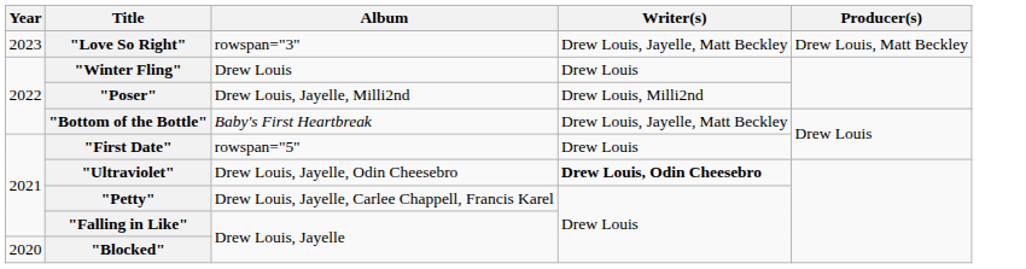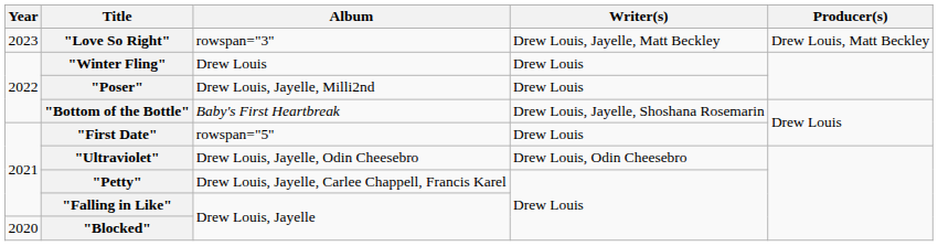 <table class="wikitable plainrowheaders" style="text-align:left;">
 <tr>
 <th rowspan="1" scope="col">Year</th>
 <th rowspan="1" scope="col">Title</th>
 <th scope="col" rowspan="1">Album</th>
 <th scope="col" rowspan="1">Writer(s)</th>
 <th scope="col" rowspan="1">Producer(s)</th>
 </tr>
 <tr>
 <td rowspan="1">2023</td>
 <th scope="row">"Love So Right"</th>
 <td>rowspan="3" </td>
 <td>Drew Louis, Jayelle, Matt Beckley</td>
 <td>Drew Louis, Matt Beckley</td>
 </tr>
 <tr>
 <td rowspan="3">2022</td>
 <th scope="row">"Winter Fling"</th>
 <td>Drew Louis</td>
 <td>Drew Louis</td>
 </tr>
 <tr>
 <th scope="row">"Poser"<br></th>
 <td>Drew Louis, Jayelle, Milli2nd</td>
-<td>Drew Louis, Milli2nd</td>
+<td>Drew Louis</td>
 </tr>
 <tr>
 <th scope="row">"Bottom of the Bottle"</th>
 <td><em>Baby's First Heartbreak</em></td>
-<td>Drew Louis, Jayelle, Matt Beckley</td>
+<td>Drew Louis, Jayelle, Shoshana Rosemarin</td>
 <td rowspan="2">Drew Louis</td>
 </tr>
 <tr>
 <td rowspan="4">2021</td>
 <th scope="row">"First Date"</th>
 <td>rowspan="5" </td>
 <td>Drew Louis</td>
 </tr>
 <tr>
 <th scope="row">"Ultraviolet"</th>
 <td>Drew Louis, Jayelle, Odin Cheesebro</td>
-<td><strong>Drew Louis, Odin Cheesebro</strong></td>
+<td>Drew Louis, Odin Cheesebro</td>
 </tr>
 <tr>
 <th scope="row">"Petty"</th>
 <td>Drew Louis, Jayelle, Carlee Chappell, Francis Karel</td>
 <td rowspan="3">Drew Louis</td>
 </tr>
 <tr>
 <th scope="row">"Falling in Like"</th>
 <td rowspan="2">Drew Louis, Jayelle</td>
 </tr>
 <tr>
 <td>2020</td>
 <th scope="row">"Blocked"</th>
 </tr>
 </table>
